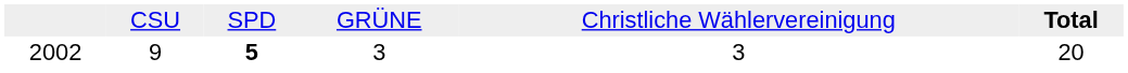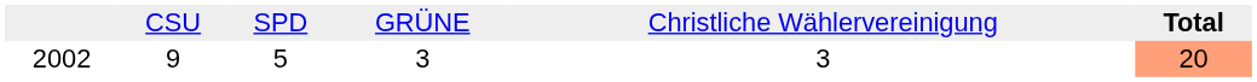 <table border="0" cellpadding="2" cellspacing="0" width="60%">
 <tr bgcolor="#eeeeee" align="center">
 <td></td>
 <td><a href='#'>CSU</a></td>
 <td><a href='#'>SPD</a></td>
 <td><a href='#'>GRÜNE</a></td>
 <td><a href='#'>Christliche Wählervereinigung</a></td>
 <td><strong>Total</strong></td>
 </tr>
 <tr align="center">
 <td>2002</td>
 <td>9</td>
-<td><strong>5</strong></td>
+<td>5</td>
 <td>3</td>
 <td>3</td>
-<td>20</td>
+<td style="background: lightsalmon;">20</td>
 </tr>
 </table>
